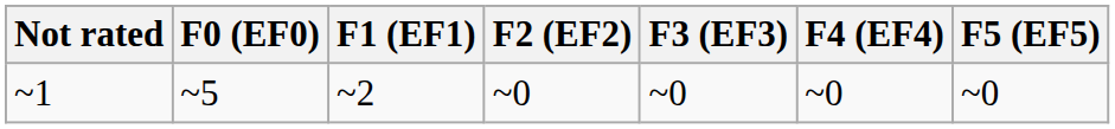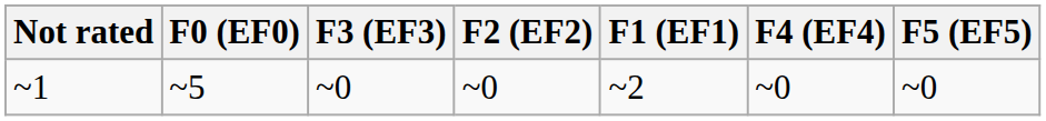 <table class="wikitable mw-collapsible">
 <tr>
 <th>Not rated</th>
 <th style="background-color:#">F0 (EF0)</th>
+<th style="background-color:#">F3 (EF3)</th>
+<th style="background-color:#">F2 (EF2)</th>
 <th style="background-color:#">F1 (EF1)</th>
-<th style="background-color:#">F2 (EF2)</th>
-<th style="background-color:#">F3 (EF3)</th>
 <th style="background-color:#">F4 (EF4)</th>
 <th style="background-color:#">F5 (EF5)</th>
 </tr>
 <tr>
 <td>~1</td>
 <td>~5</td>
-<td>~2</td>
 <td>~0</td>
 <td>~0</td>
+<td>~2</td>
 <td>~0</td>
 <td>~0</td>
 </tr>
 </table>
